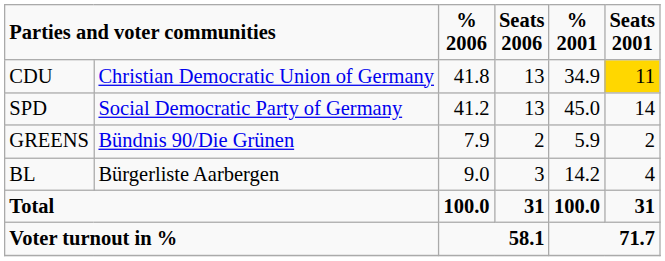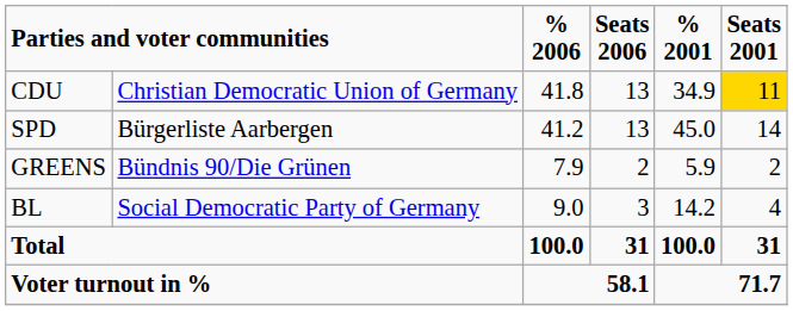 <table class="wikitable">
 <tr --  class="hintergrundfarbe5">
 <td colspan="2"><strong>Parties and voter communities</strong></td>
 <td align="center"><strong>%<br>2006</strong></td>
 <td align="center"><strong>Seats<br>2006</strong></td>
 <td align="center"><strong>%<br>2001</strong></td>
 <td align="center"><strong>Seats<br>2001</strong></td>
 </tr>
 <tr --->
 <td>CDU</td>
 <td><a href='#'>Christian Democratic Union of Germany</a></td>
 <td align="right">41.8</td>
 <td align="right">13</td>
 <td align="right">34.9</td>
 <td align="right" style="background: gold;">11</td>
 </tr>
 <tr --->
 <td>SPD</td>
-<td><a href='#'>Social Democratic Party of Germany</a></td>
+<td>Bürgerliste Aarbergen</td>
 <td align="right">41.2</td>
 <td align="right">13</td>
 <td align="right">45.0</td>
 <td align="right">14</td>
 </tr>
 <tr --->
 <td>GREENS</td>
 <td><a href='#'>Bündnis 90/Die Grünen</a></td>
 <td align="right">7.9</td>
 <td align="right">2</td>
 <td align="right">5.9</td>
 <td align="right">2</td>
 </tr>
 <tr --->
 <td>BL</td>
-<td>Bürgerliste Aarbergen</td>
+<td><a href='#'>Social Democratic Party of Germany</a></td>
 <td align="right">9.0</td>
 <td align="right">3</td>
 <td align="right">14.2</td>
 <td align="right">4</td>
 </tr>
 <tr -- class="hintergrundfarbe5">
 <td colspan="2"><strong>Total</strong></td>
 <td align="right"><strong>100.0</strong></td>
 <td align="right"><strong>31</strong></td>
 <td align="right"><strong>100.0</strong></td>
 <td align="right"><strong>31</strong></td>
 </tr>
 <tr -- class="hintergrundfarbe6">
 <td colspan="2"><strong>Voter turnout in %</strong></td>
 <td colspan="2" align="right"><strong>58.1</strong></td>
 <td colspan="2" align="right"><strong>71.7</strong></td>
 </tr>
 <tr --->
 </tr>
 </table>
